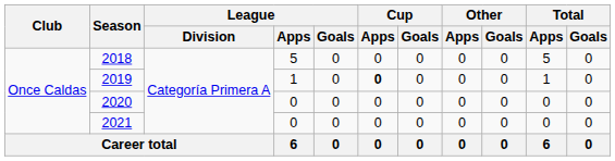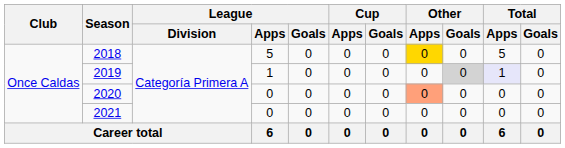 <table class="wikitable" style="text-align: center">
 <tr>
 <th rowspan="2">Club</th>
 <th rowspan="2">Season</th>
 <th colspan="3">League</th>
 <th colspan="2">Cup</th>
 <th colspan="2">Other</th>
 <th colspan="2">Total</th>
 </tr>
 <tr>
 <th>Division</th>
 <th>Apps</th>
 <th>Goals</th>
 <th>Apps</th>
 <th>Goals</th>
 <th>Apps</th>
 <th>Goals</th>
 <th>Apps</th>
 <th>Goals</th>
 </tr>
 <tr>
 <td rowspan="4"><a href='#'>Once Caldas</a></td>
 <td><a href='#'>2018</a></td>
 <td rowspan="4"><a href='#'>Categoría Primera A</a></td>
 <td>5</td>
 <td>0</td>
 <td>0</td>
 <td>0</td>
-<td>0</td>
+<td style="background: gold;">0</td>
 <td>0</td>
 <td>5</td>
 <td>0</td>
 </tr>
 <tr>
 <td><a href='#'>2019</a></td>
 <td>1</td>
 <td>0</td>
-<td><strong>0</strong></td>
 <td>0</td>
 <td>0</td>
 <td>0</td>
-<td>1</td>
+<td style="background: lightgrey;">0</td>
+<td style="background: lavender;">1</td>
 <td>0</td>
 </tr>
 <tr>
 <td><a href='#'>2020</a></td>
 <td>0</td>
 <td>0</td>
 <td>0</td>
 <td>0</td>
-<td>0</td>
+<td style="background: lightsalmon;">0</td>
 <td>0</td>
 <td>0</td>
 <td>0</td>
 </tr>
 <tr>
 <td><a href='#'>2021</a></td>
 <td>0</td>
 <td>0</td>
 <td>0</td>
 <td>0</td>
 <td>0</td>
 <td>0</td>
 <td>0</td>
 <td>0</td>
 </tr>
 <tr>
 <th colspan="3"><strong>Career total</strong></th>
 <th>6</th>
 <th>0</th>
 <th>0</th>
 <th>0</th>
 <th>0</th>
 <th>0</th>
 <th>6</th>
 <th>0</th>
 </tr>
 </table>
